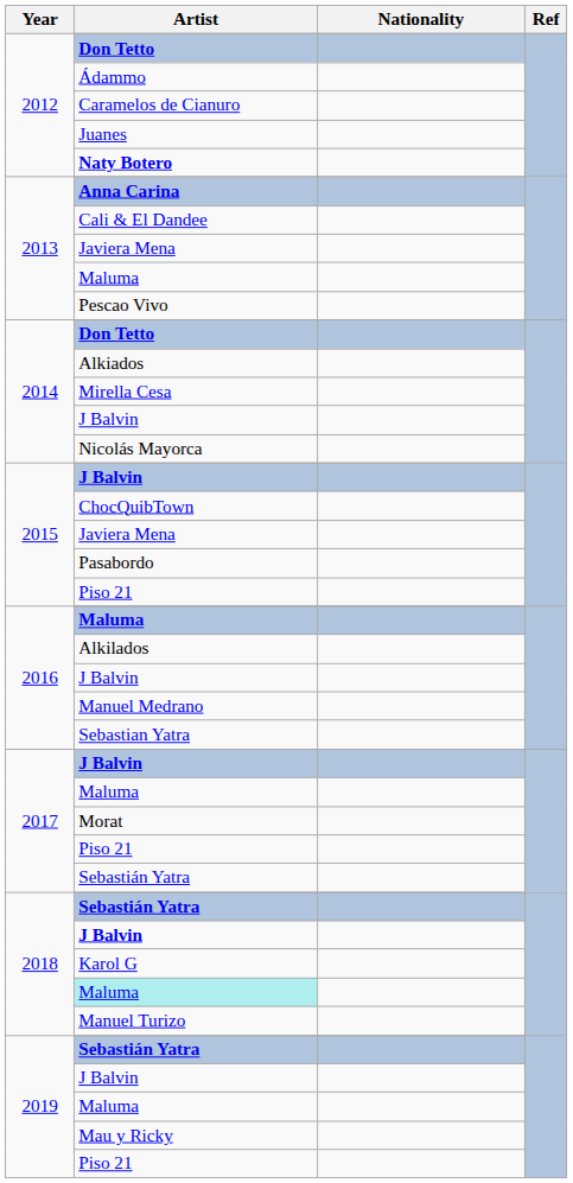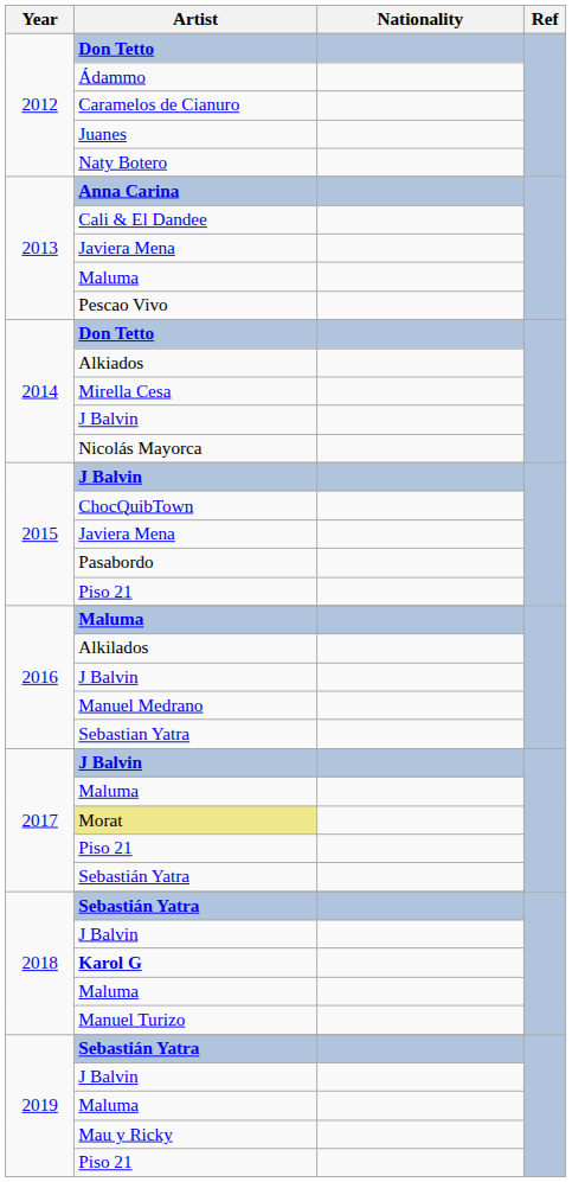 <table class="wikitable" style="width:80%;">
 <tr style="background:#bebebe;">
 <th style="width:10%;">Year</th>
 <th style="width:35%;">Artist</th>
 <th style="width:30%;">Nationality</th>
 <th style="width:5%;">Ref</th>
 </tr>
 <tr>
 <td rowspan="6" align="center"><a href='#'>2012</a></td>
 </tr>
 <tr style="background:#B0C4DE">
 <td><strong><a href='#'>Don Tetto</a></strong></td>
 <td><strong></strong></td>
 <td rowspan="6" align="center"></td>
 </tr>
 <tr>
 <td><a href='#'>Ádammo</a></td>
 <td></td>
 </tr>
 <tr>
 <td><a href='#'>Caramelos de Cianuro</a></td>
 <td></td>
 </tr>
 <tr>
 <td><a href='#'>Juanes</a></td>
 <td></td>
 </tr>
 <tr>
-<td><strong><a href='#'>Naty Botero</a></strong></td>
+<td><a href='#'>Naty Botero</a></td>
 <td></td>
 </tr>
 <tr>
 <td rowspan="6" align="center"><a href='#'>2013</a></td>
 </tr>
 <tr style="background:#B0C4DE">
 <td><strong><a href='#'>Anna Carina</a></strong></td>
 <td><strong></strong></td>
 <td rowspan="6" align="center"></td>
 </tr>
 <tr>
 <td><a href='#'>Cali & El Dandee</a></td>
 <td></td>
 </tr>
 <tr>
 <td><a href='#'>Javiera Mena</a></td>
 <td></td>
 </tr>
 <tr>
 <td><a href='#'>Maluma</a></td>
 <td></td>
 </tr>
 <tr>
 <td>Pescao Vivo</td>
 <td></td>
 </tr>
 <tr>
 <td rowspan="6" align="center"><a href='#'>2014</a></td>
 </tr>
 <tr style="background:#B0C4DE">
 <td><strong><a href='#'>Don Tetto</a></strong></td>
 <td><strong></strong></td>
 <td rowspan="6" align="center"></td>
 </tr>
 <tr>
 <td>Alkiados</td>
 <td></td>
 </tr>
 <tr>
 <td><a href='#'>Mirella Cesa</a></td>
 <td></td>
 </tr>
 <tr>
 <td><a href='#'>J Balvin</a></td>
 <td></td>
 </tr>
 <tr>
 <td>Nicolás Mayorca</td>
 <td></td>
 </tr>
 <tr>
 <td rowspan="6" align="center"><a href='#'>2015</a></td>
 </tr>
 <tr style="background:#B0C4DE">
 <td><strong><a href='#'>J Balvin</a></strong></td>
 <td><strong></strong></td>
 <td rowspan="6" align="center"></td>
 </tr>
 <tr>
 <td><a href='#'>ChocQuibTown</a></td>
 <td></td>
 </tr>
 <tr>
 <td><a href='#'>Javiera Mena</a></td>
 <td></td>
 </tr>
 <tr>
 <td>Pasabordo</td>
 <td></td>
 </tr>
 <tr>
 <td><a href='#'>Piso 21</a></td>
 <td></td>
 </tr>
 <tr>
 <td rowspan="6" align="center"><a href='#'>2016</a></td>
 </tr>
 <tr style="background:#B0C4DE">
 <td><strong><a href='#'>Maluma</a></strong></td>
 <td><strong></strong></td>
 <td rowspan="6" align="center"></td>
 </tr>
 <tr>
 <td>Alkilados</td>
 <td></td>
 </tr>
 <tr>
 <td><a href='#'>J Balvin</a></td>
 <td></td>
 </tr>
 <tr>
 <td><a href='#'>Manuel Medrano</a></td>
 <td></td>
 </tr>
 <tr>
 <td><a href='#'>Sebastian Yatra</a></td>
 <td></td>
 </tr>
 <tr>
 <td rowspan="6" align="center"><a href='#'>2017</a></td>
 </tr>
 <tr style="background:#B0C4DE">
 <td><strong><a href='#'>J Balvin</a></strong></td>
 <td><strong></strong></td>
 <td rowspan="6" align="center"></td>
 </tr>
 <tr>
 <td><a href='#'>Maluma</a></td>
 <td></td>
 </tr>
 <tr>
-<td>Morat</td>
+<td style="background: khaki;">Morat</td>
 <td></td>
 </tr>
 <tr>
 <td><a href='#'>Piso 21</a></td>
 <td></td>
 </tr>
 <tr>
 <td><a href='#'>Sebastián Yatra</a></td>
 <td></td>
 </tr>
 <tr>
 <td rowspan="6" align="center"><a href='#'>2018</a></td>
 </tr>
 <tr style="background:#B0C4DE">
 <td><strong><a href='#'>Sebastián Yatra</a></strong></td>
 <td><strong></strong></td>
 <td rowspan="6" align="center"></td>
 </tr>
 <tr>
-<td><strong><a href='#'>J Balvin</a></strong></td>
+<td><a href='#'>J Balvin</a></td>
 <td></td>
 </tr>
 <tr>
-<td><a href='#'>Karol G</a></td>
+<td><strong><a href='#'>Karol G</a></strong></td>
 <td></td>
 </tr>
 <tr>
-<td style="background: paleturquoise;"><a href='#'>Maluma</a></td>
+<td><a href='#'>Maluma</a></td>
 <td></td>
 </tr>
 <tr>
 <td><a href='#'>Manuel Turizo</a></td>
 <td></td>
 </tr>
 <tr>
 <td rowspan="6" align="center"><a href='#'>2019</a></td>
 </tr>
 <tr style="background:#B0C4DE">
 <td><strong><a href='#'>Sebastián Yatra</a></strong></td>
 <td><strong></strong></td>
 <td rowspan="6" align="center"></td>
 </tr>
 <tr>
 <td><a href='#'>J Balvin</a></td>
 <td></td>
 </tr>
 <tr>
 <td><a href='#'>Maluma</a></td>
 <td></td>
 </tr>
 <tr>
 <td><a href='#'>Mau y Ricky</a></td>
 <td></td>
 </tr>
 <tr>
 <td><a href='#'>Piso 21</a></td>
 <td></td>
 </tr>
 </table>
